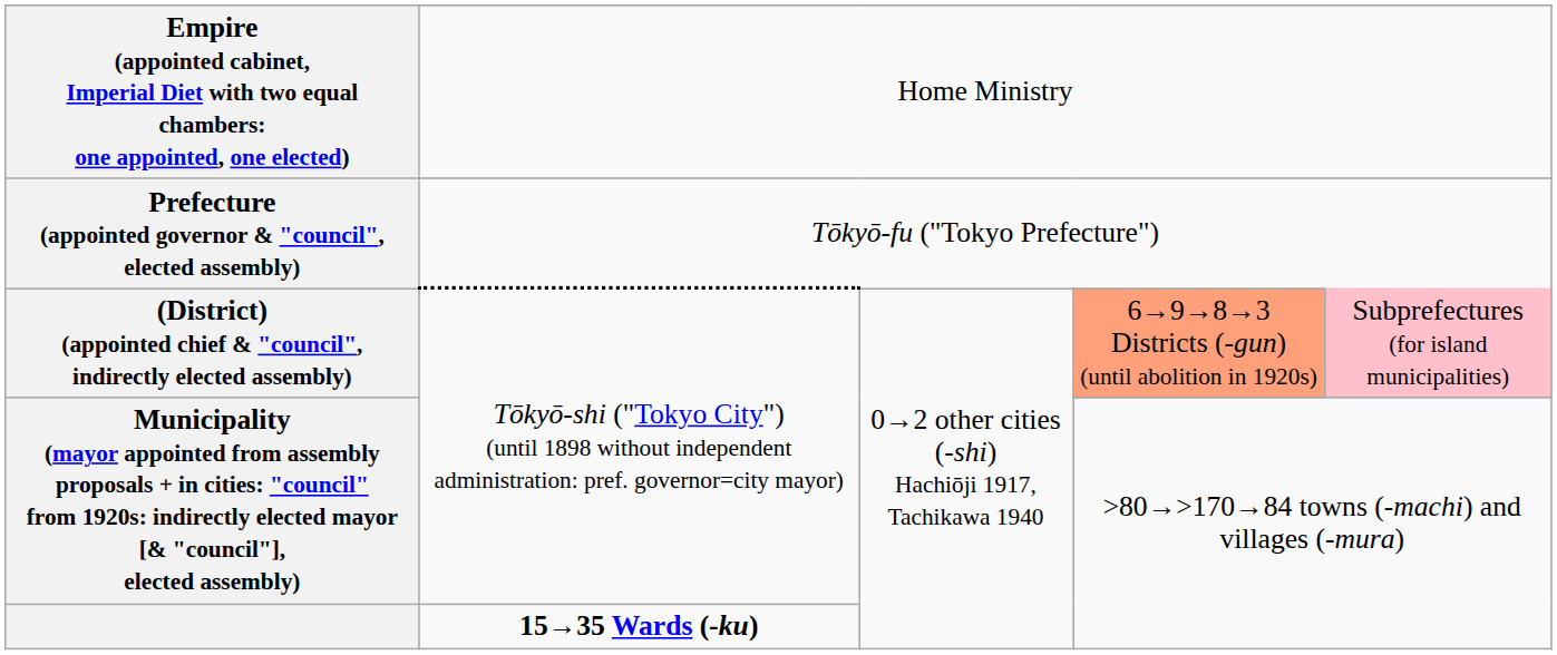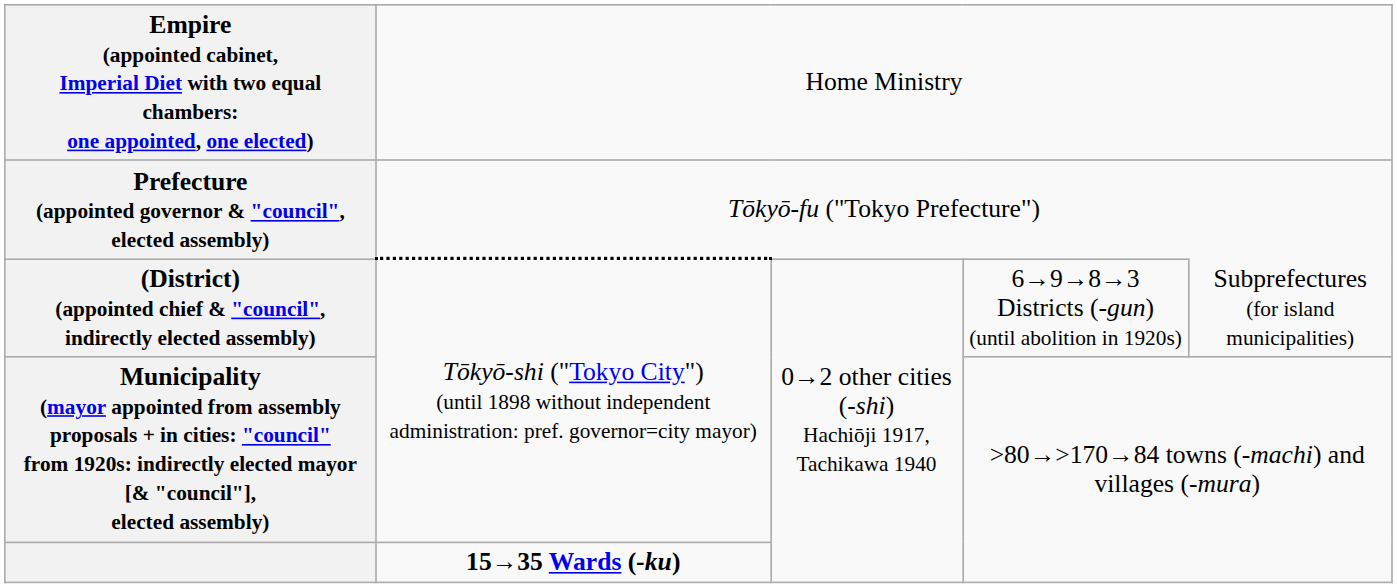 <table class="wikitable">
 <tr align="center">
 <th>Empire<br><small>(appointed cabinet,<br><a href='#'>Imperial Diet</a> with two equal chambers:<br><a href='#'>one appointed</a>, <a href='#'>one elected</a>)</small></th>
 <td colspan="4">Home Ministry</td>
 </tr>
 <tr align="center">
 <th>Prefecture<br><small>(appointed governor & <a href='#'>"council"</a>,<br>elected assembly)</small></th>
 <td colspan="4"><em>Tōkyō-fu</em> ("Tokyo Prefecture")</td>
 </tr>
 <tr align="center">
 <th>(District)<br><small>(appointed chief & <a href='#'>"council"</a>,<br>indirectly elected assembly)</small></th>
 <td style="border-top:2px dotted" rowspan="2"><em>Tōkyō-shi</em> ("<a href='#'>Tokyo City</a>")<br><small>(until 1898 without independent administration: pref. governor=city mayor)</small></td>
 <td rowspan="3">0→2 other cities (<em>-shi</em>)<br><small>Hachiōji 1917, Tachikawa 1940</small></td>
-<td style="background: lightsalmon;">6→9→8→3 Districts (<em>-gun</em>)<br><small>(until abolition in 1920s)</small></td>
-<td style="background: pink; border-top:hidden">Subprefectures<br><small>(for island municipalities)</small></td>
+<td>6→9→8→3 Districts (<em>-gun</em>)<br><small>(until abolition in 1920s)</small></td>
+<td style="border-top:hidden">Subprefectures<br><small>(for island municipalities)</small></td>
 </tr>
 <tr align="center">
 <th>Municipality<br><small>(<a href='#'>mayor</a> appointed from assembly proposals + in cities: <a href='#'>"council"</a><br>from 1920s: indirectly elected mayor [& "council"],<br>elected assembly)</small></th>
 <td rowspan="2" colspan="2">>80→>170→84 towns (<em>-machi</em>) and villages (<em>-mura</em>)</td>
 </tr>
 <tr align="center">
 <th></th>
 <td><strong>15→35 <a href='#'>Wards</a> (<em>-ku</em>)</strong></td>
 </tr>
 </table>
